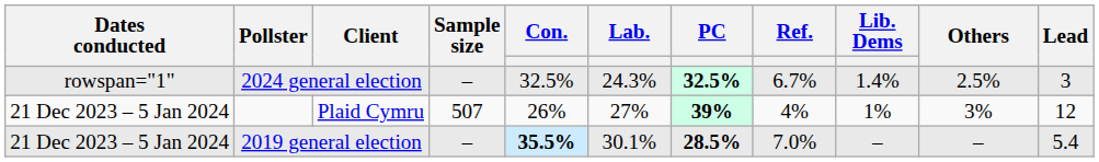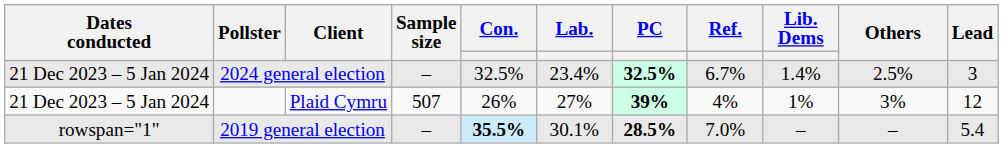 <table class="wikitable sortable mw-datatable" style="text-align:center; font-size:90%; line-height:14px;">
 <tr>
 <th rowspan="2">Dates<br>conducted</th>
 <th rowspan="2">Pollster</th>
 <th rowspan="2">Client</th>
 <th rowspan="2" data-sort-type="number">Sample<br>size</th>
 <th class="unsortable" style="width:50px;"><a href='#'>Con.</a></th>
 <th class="unsortable" style="width:50px;"><a href='#'>Lab.</a></th>
 <th class="unsortable" style="width:50px;"><a href='#'>PC</a></th>
 <th class="unsortable" style="width:50px;"><a href='#'>Ref.</a></th>
 <th class="unsortable" style="width:50px;"><a href='#'>Lib. Dems</a></th>
 <th rowspan="2" class="unsortable" style="width:75px;">Others</th>
 <th rowspan="2" data-sort-type="number">Lead</th>
 </tr>
 <tr>
 <th data-sort-type="number" style="background:"></th>
 <th data-sort-type="number" style="background:"></th>
 <th data-sort-type="number" style="background:"></th>
 <th data-sort-type="number" style="background:"></th>
 <th data-sort-type="number" style="background:"></th>
 </tr>
 <tr style="background:#e9e9e9;">
-<td>rowspan="1" </td>
+<td>21 Dec 2023 – 5 Jan 2024</td>
 <td colspan="2" rowspan="1"><a href='#'>2024 general election</a></td>
 <td>–</td>
 <td>32.5%</td>
-<td>24.3%</td>
+<td>23.4%</td>
 <td style="background:#CCFFE6;"><strong>32.5%</strong></td>
 <td>6.7%</td>
 <td>1.4%</td>
 <td>2.5%</td>
 <td style="background:">3</td>
 </tr>
 <tr>
 <td>21 Dec 2023 – 5 Jan 2024</td>
 <td></td>
 <td><a href='#'>Plaid Cymru</a></td>
 <td>507</td>
 <td>26%</td>
 <td>27%</td>
 <td style="background:#CCFFE6;"><strong>39%</strong></td>
 <td>4%</td>
 <td>1%</td>
 <td>3%</td>
 <td style="background:">12</td>
 </tr>
 <tr style="background:#e9e9e9;">
-<td>21 Dec 2023 – 5 Jan 2024</td>
+<td>rowspan="1" </td>
 <td colspan="2" rowspan="1"><a href='#'>2019 general election</a></td>
 <td>–</td>
 <td style="background:#CCEBFF;"><strong>35.5%</strong></td>
 <td>30.1%</td>
 <td><strong>28.5%</strong></td>
 <td>7.0%</td>
 <td>–</td>
 <td>–</td>
 <td style="background:">5.4</td>
 </tr>
 </table>
